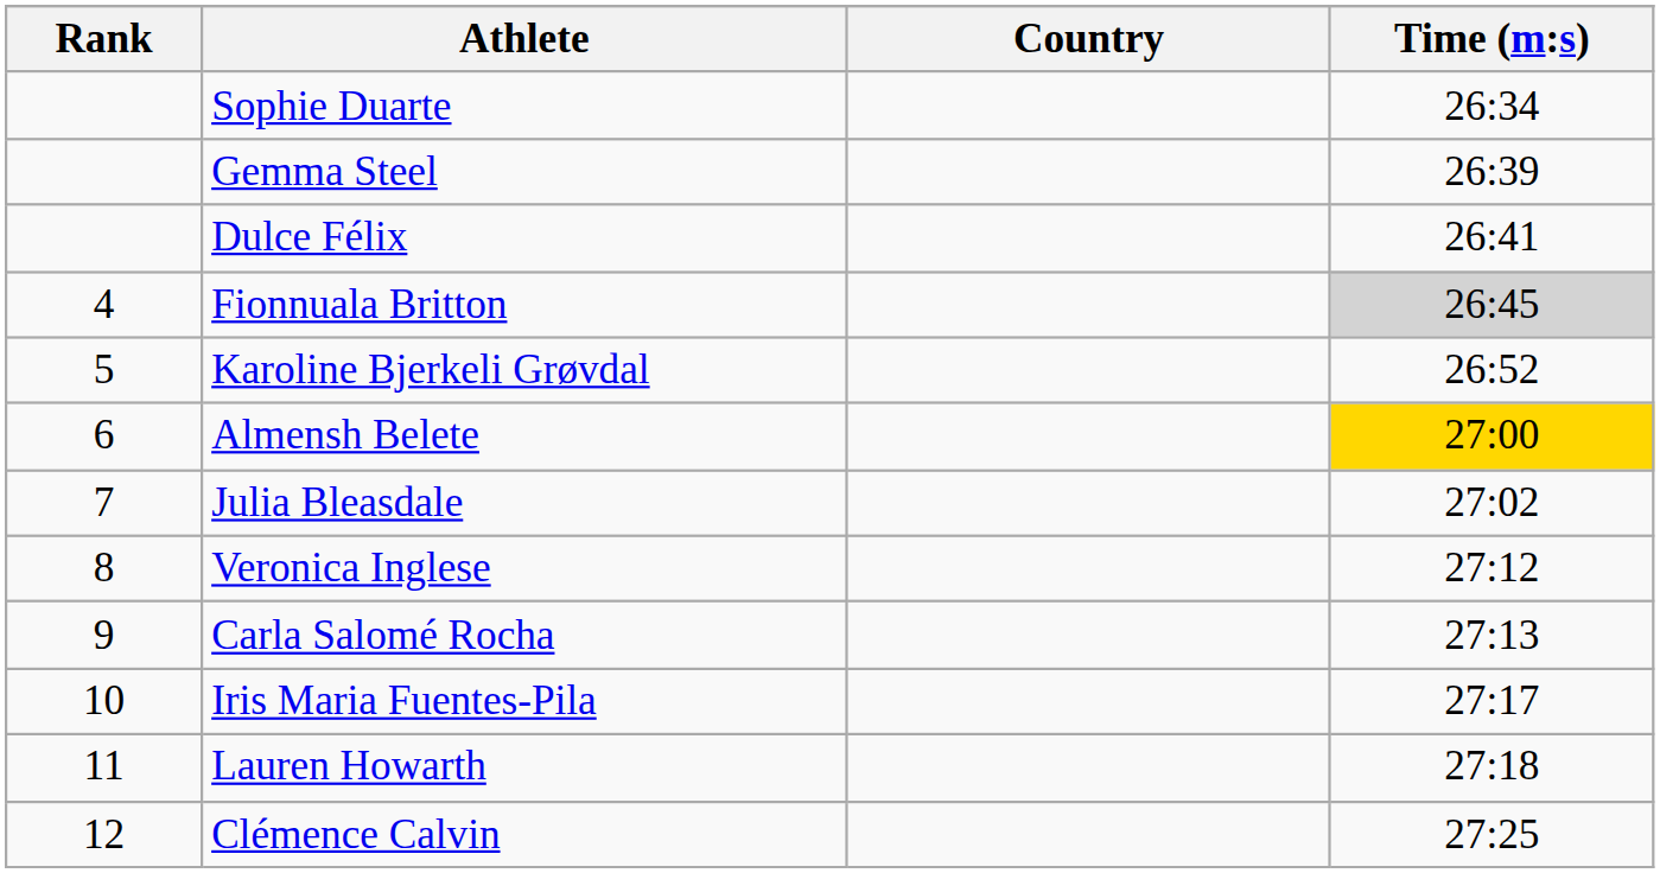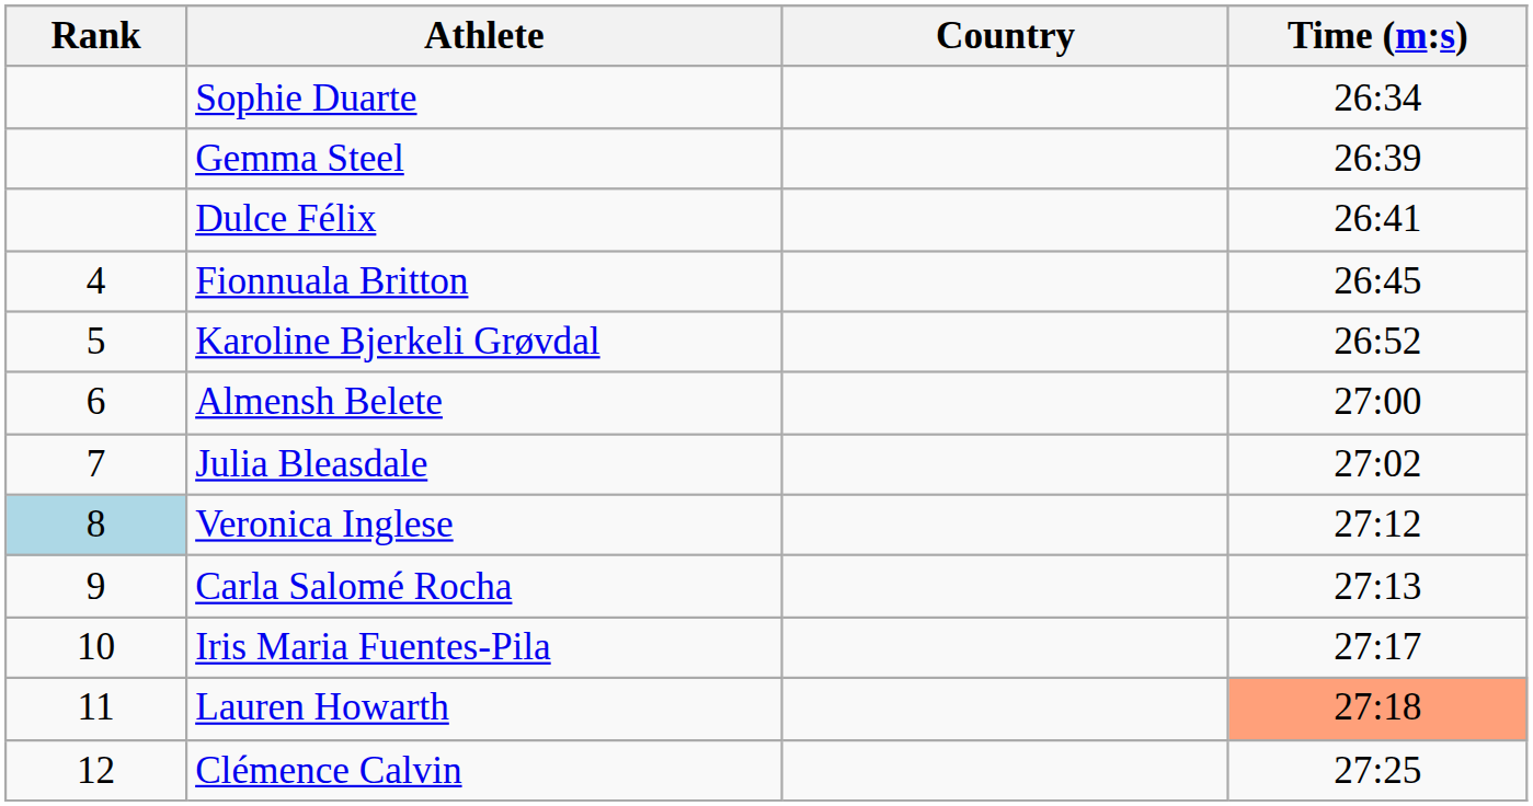 <table class="wikitable" style="text-align:center;" width="50%">
 <tr>
 </tr>
 <tr>
 <th width=5%>Rank</th>
 <th width=20%>Athlete</th>
 <th width=15%>Country</th>
 <th width=10%>Time (<a href='#'>m</a>:<a href='#'>s</a>)</th>
 </tr>
 <tr>
 <td></td>
 <td align="left"><a href='#'>Sophie Duarte</a></td>
 <td align="left"></td>
 <td>26:34</td>
 </tr>
 <tr>
 <td></td>
 <td align="left"><a href='#'>Gemma Steel</a></td>
 <td align="left"></td>
 <td>26:39</td>
 </tr>
 <tr>
 <td></td>
 <td align="left"><a href='#'>Dulce Félix</a></td>
 <td align="left"></td>
 <td>26:41</td>
 </tr>
 <tr>
 <td>4</td>
 <td align="left"><a href='#'>Fionnuala Britton</a></td>
 <td align="left"></td>
-<td style="background: lightgrey;">26:45</td>
+<td>26:45</td>
 </tr>
 <tr>
 <td>5</td>
 <td align="left"><a href='#'>Karoline Bjerkeli Grøvdal</a></td>
 <td align="left"></td>
 <td>26:52</td>
 </tr>
 <tr>
 <td>6</td>
 <td align="left"><a href='#'>Almensh Belete</a></td>
 <td align="left"></td>
-<td style="background: gold;">27:00</td>
+<td>27:00</td>
 </tr>
 <tr>
 <td>7</td>
 <td align="left"><a href='#'>Julia Bleasdale</a></td>
 <td align="left"></td>
 <td>27:02</td>
 </tr>
 <tr>
-<td>8</td>
+<td style="background: lightblue;">8</td>
 <td align="left"><a href='#'>Veronica Inglese</a></td>
 <td align="left"></td>
 <td>27:12</td>
 </tr>
 <tr>
 <td>9</td>
 <td align="left"><a href='#'>Carla Salomé Rocha</a></td>
 <td align="left"></td>
 <td>27:13</td>
 </tr>
 <tr>
 <td>10</td>
 <td align="left"><a href='#'>Iris Maria Fuentes-Pila</a></td>
 <td align="left"></td>
 <td>27:17</td>
 </tr>
 <tr>
 <td>11</td>
 <td align="left"><a href='#'>Lauren Howarth</a></td>
 <td align="left"></td>
-<td>27:18</td>
+<td style="background: lightsalmon;">27:18</td>
 </tr>
 <tr>
 <td>12</td>
 <td align="left"><a href='#'>Clémence Calvin</a></td>
 <td align="left"></td>
 <td>27:25</td>
 </tr>
 </table>
